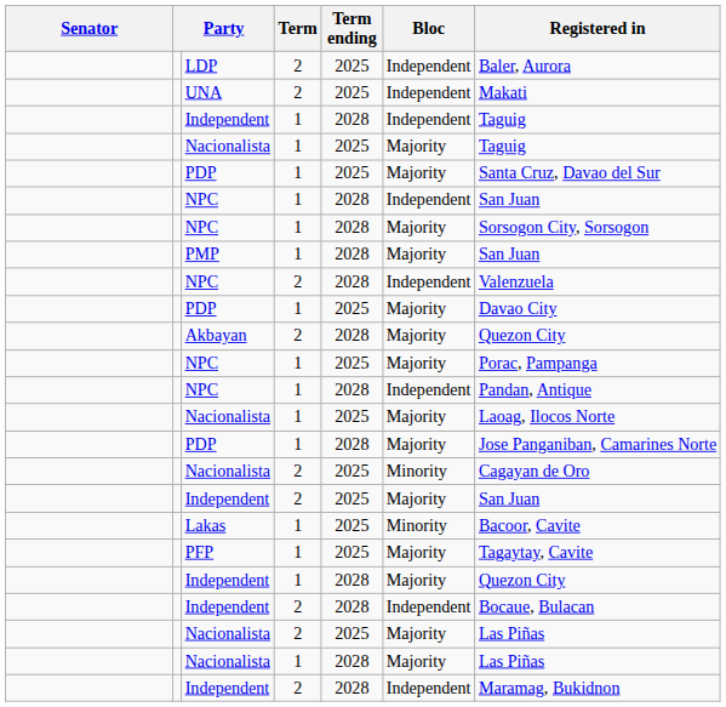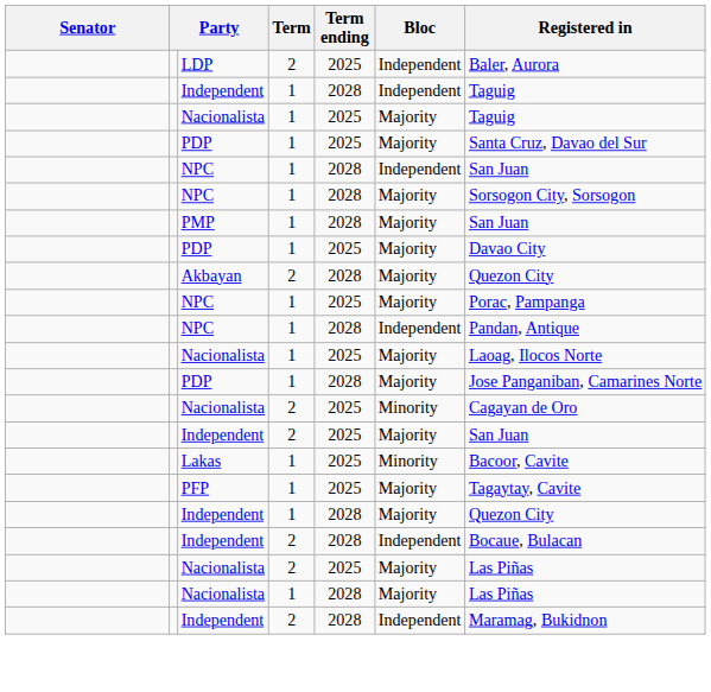 <table class="wikitable sortable">
 <tr>
 <th width="150px"><a href='#'>Senator</a></th>
 <th colspan="2"><a href='#'>Party</a></th>
 <th>Term</th>
 <th width="50px">Term ending</th>
 <th>Bloc</th>
 <th>Registered in</th>
 </tr>
 <tr>
 <td></td>
 <td></td>
 <td><a href='#'>LDP</a></td>
 <td align="center">2</td>
 <td align="center">2025</td>
 <td>Independent</td>
 <td><a href='#'>Baler</a>, <a href='#'>Aurora</a></td>
-</tr>
-<tr>
-<td></td>
-<td></td>
-<td><a href='#'>UNA</a></td>
-<td align="center">2</td>
-<td align="center">2025</td>
-<td>Independent</td>
-<td><a href='#'>Makati</a></td>
 </tr>
 <tr>
 <td></td>
 <td></td>
 <td><a href='#'>Independent</a></td>
 <td align="center">1</td>
 <td align="center">2028</td>
 <td>Independent</td>
 <td><a href='#'>Taguig</a></td>
 </tr>
 <tr>
 <td></td>
 <td></td>
 <td><a href='#'>Nacionalista</a></td>
 <td align="center">1</td>
 <td align="center">2025</td>
 <td>Majority</td>
 <td><a href='#'>Taguig</a></td>
 </tr>
 <tr>
 <td></td>
 <td></td>
 <td><a href='#'>PDP</a></td>
 <td align="center">1</td>
 <td align="center">2025</td>
 <td>Majority</td>
 <td><a href='#'>Santa Cruz</a>, <a href='#'>Davao del Sur</a></td>
 </tr>
 <tr>
 <td></td>
 <td></td>
 <td><a href='#'>NPC</a></td>
 <td align="center">1</td>
 <td align="center">2028</td>
 <td>Independent</td>
 <td><a href='#'>San Juan</a></td>
 </tr>
 <tr>
 <td></td>
 <td></td>
 <td><a href='#'>NPC</a></td>
 <td align="center">1</td>
 <td align="center">2028</td>
 <td>Majority</td>
 <td><a href='#'>Sorsogon City</a>, <a href='#'>Sorsogon</a></td>
 </tr>
 <tr>
 <td></td>
 <td></td>
 <td><a href='#'>PMP</a></td>
 <td align="center">1</td>
 <td align="center">2028</td>
 <td>Majority</td>
 <td><a href='#'>San Juan</a></td>
-</tr>
-<tr>
-<td></td>
-<td></td>
-<td><a href='#'>NPC</a></td>
-<td align="center">2</td>
-<td align="center">2028</td>
-<td>Independent</td>
-<td><a href='#'>Valenzuela</a></td>
 </tr>
 <tr>
 <td></td>
 <td></td>
 <td><a href='#'>PDP</a></td>
 <td align="center">1</td>
 <td align="center">2025</td>
 <td>Majority</td>
 <td><a href='#'>Davao City</a></td>
 </tr>
 <tr>
 <td></td>
 <td></td>
 <td><a href='#'>Akbayan</a></td>
 <td align="center">2</td>
 <td align="center">2028</td>
 <td>Majority</td>
 <td><a href='#'>Quezon City</a></td>
 </tr>
 <tr>
 <td></td>
 <td></td>
 <td><a href='#'>NPC</a></td>
 <td align="center">1</td>
 <td align="center">2025</td>
 <td>Majority</td>
 <td><a href='#'>Porac</a>, <a href='#'>Pampanga</a></td>
 </tr>
 <tr>
 <td></td>
 <td></td>
 <td><a href='#'>NPC</a></td>
 <td align="center">1</td>
 <td align="center">2028</td>
 <td>Independent</td>
 <td><a href='#'>Pandan</a>, <a href='#'>Antique</a></td>
 </tr>
 <tr>
 <td></td>
 <td></td>
 <td><a href='#'>Nacionalista</a></td>
 <td align="center">1</td>
 <td align="center">2025</td>
 <td>Majority</td>
 <td><a href='#'>Laoag</a>, <a href='#'>Ilocos Norte</a></td>
 </tr>
 <tr>
 <td></td>
 <td></td>
 <td><a href='#'>PDP</a></td>
 <td align="center">1</td>
 <td align="center">2028</td>
 <td>Majority</td>
 <td><a href='#'>Jose Panganiban</a>, <a href='#'>Camarines Norte</a></td>
 </tr>
 <tr>
 <td></td>
 <td></td>
 <td><a href='#'>Nacionalista</a></td>
 <td align="center">2</td>
 <td align="center">2025</td>
 <td>Minority</td>
 <td><a href='#'>Cagayan de Oro</a></td>
 </tr>
 <tr>
 <td></td>
 <td></td>
 <td><a href='#'>Independent</a></td>
 <td align="center">2</td>
 <td align="center">2025</td>
 <td>Majority</td>
 <td><a href='#'>San Juan</a></td>
 </tr>
 <tr>
 <td></td>
 <td></td>
 <td><a href='#'>Lakas</a></td>
 <td align="center">1</td>
 <td align="center">2025</td>
 <td>Minority</td>
 <td><a href='#'>Bacoor</a>, <a href='#'>Cavite</a></td>
 </tr>
 <tr>
 <td></td>
 <td></td>
 <td><a href='#'>PFP</a></td>
 <td align="center">1</td>
 <td align="center">2025</td>
 <td>Majority</td>
 <td><a href='#'>Tagaytay</a>, <a href='#'>Cavite</a></td>
 </tr>
 <tr>
 <td></td>
 <td></td>
 <td><a href='#'>Independent</a></td>
 <td align="center">1</td>
 <td align="center">2028</td>
 <td>Majority</td>
 <td><a href='#'>Quezon City</a></td>
 </tr>
 <tr>
 <td></td>
 <td></td>
 <td><a href='#'>Independent</a></td>
 <td align="center">2</td>
 <td align="center">2028</td>
 <td>Independent</td>
 <td><a href='#'>Bocaue</a>, <a href='#'>Bulacan</a></td>
 </tr>
 <tr>
 <td></td>
 <td></td>
 <td><a href='#'>Nacionalista</a></td>
 <td align="center">2</td>
 <td align="center">2025</td>
 <td>Majority</td>
 <td><a href='#'>Las Piñas</a></td>
 </tr>
 <tr>
 <td></td>
 <td></td>
 <td><a href='#'>Nacionalista</a></td>
 <td align="center">1</td>
 <td align="center">2028</td>
 <td>Majority</td>
 <td><a href='#'>Las Piñas</a></td>
 </tr>
 <tr>
 <td></td>
 <td></td>
 <td><a href='#'>Independent</a></td>
 <td align="center">2</td>
 <td align="center">2028</td>
 <td>Independent</td>
 <td><a href='#'>Maramag</a>, <a href='#'>Bukidnon</a></td>
 </tr>
 </table>
